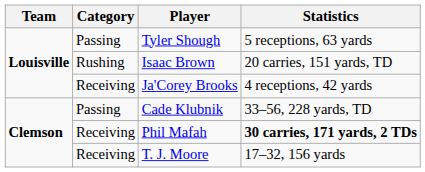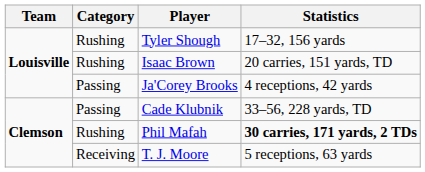 <table class="wikitable" style="float: right;">
 <tr>
 <th>Team</th>
 <th>Category</th>
 <th>Player</th>
 <th>Statistics</th>
 </tr>
 <tr>
 <td rowspan=3><strong>Louisville</strong></td>
-<td>Passing</td>
+<td>Rushing</td>
 <td><a href='#'>Tyler Shough</a></td>
-<td>5 receptions, 63 yards</td>
+<td>17–32, 156 yards</td>
 </tr>
 <tr>
 <td>Rushing</td>
 <td><a href='#'>Isaac Brown</a></td>
 <td>20 carries, 151 yards, TD</td>
 </tr>
 <tr>
-<td>Receiving</td>
+<td>Passing</td>
 <td><a href='#'>Ja'Corey Brooks</a></td>
 <td>4 receptions, 42 yards</td>
 </tr>
 <tr>
 <td rowspan=3><strong>Clemson</strong></td>
 <td>Passing</td>
 <td><a href='#'>Cade Klubnik</a></td>
 <td>33–56, 228 yards, TD</td>
 </tr>
 <tr>
-<td>Receiving</td>
+<td>Rushing</td>
 <td><a href='#'>Phil Mafah</a></td>
 <td><strong>30 carries, 171 yards, 2 TDs</strong></td>
 </tr>
 <tr>
 <td>Receiving</td>
 <td><a href='#'>T. J. Moore</a></td>
-<td>17–32, 156 yards</td>
+<td>5 receptions, 63 yards</td>
 </tr>
 </table>
